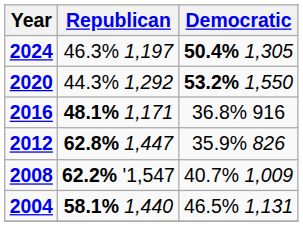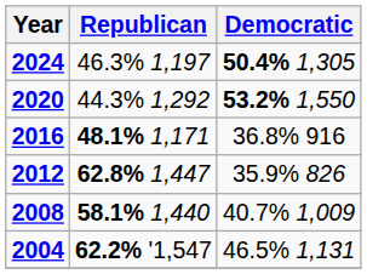 <table class="wikitable" style="float:right; margin: 1em 1em 1em 0; font-size: 95%;">
 <tr>
 <th>Year</th>
 <th><a href='#'>Republican</a></th>
 <th><a href='#'>Democratic</a></th>
 </tr>
 <tr>
 <td style="text-align:center; "><strong><a href='#'>2024</a></strong></td>
 <td style="text-align:center; ">46.3% <em>1,197</em></td>
 <td style="text-align:center; "><strong>50.4%</strong> <em>1,305</em></td>
 </tr>
 <tr>
 <td style="text-align:center; "><strong><a href='#'>2020</a></strong></td>
 <td style="text-align:center; ">44.3% <em>1,292</em></td>
 <td style="text-align:center; "><strong>53.2%</strong>  <em>1,550</em></td>
 </tr>
 <tr>
 <td style="text-align:center; "><strong><a href='#'>2016</a></strong></td>
 <td style="text-align:center; "><strong>48.1%</strong> <em>1,171</em></td>
 <td style="text-align:center; ">36.8% </em>916<em></td>
 </tr>
 <tr>
 <td style="text-align:center; "><strong><a href='#'>2012</a></strong></td>
 <td style="text-align:center; "><strong>62.8%</strong> <em>1,447</em></td>
 <td style="text-align:center; ">35.9%  <em>826</em></td>
 </tr>
 <tr>
 <td style="text-align:center; "><strong><a href='#'>2008</a></strong></td>
-<td style="text-align:center; "><strong>62.2%</strong> '1,547<em></td>
+<td style="text-align:center; "><strong>58.1%</strong> <em>1,440</em></td>
 <td style="text-align:center; ">40.7%  <em>1,009</em></td>
 </tr>
 <tr>
 <td style="text-align:center; "><strong><a href='#'>2004</a></strong></td>
-<td style="text-align:center; "><strong>58.1%</strong> <em>1,440</em></td>
+<td style="text-align:center; "><strong>62.2%</strong> '1,547<em></td>
 <td style="text-align:center; ">46.5% <em>1,131</em></td>
 </tr>
 <tr>
 </tr>
 </table>
